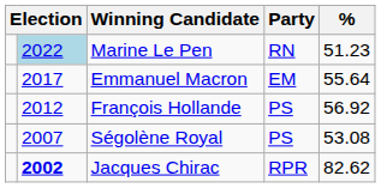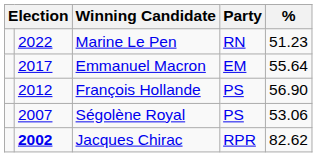 <table class="wikitable">
 <tr>
 <th colspan="2">Election</th>
 <th>Winning Candidate</th>
 <th>Party</th>
 <th>%</th>
 </tr>
 <tr>
 <td style="background-color: "></td>
-<td style="background: lightblue;"><a href='#'>2022</a></td>
+<td><a href='#'>2022</a></td>
 <td><a href='#'>Marine Le Pen</a></td>
 <td><a href='#'>RN</a></td>
 <td>51.23</td>
 </tr>
 <tr>
 <td style="background-color: "></td>
 <td><a href='#'>2017</a></td>
 <td><a href='#'>Emmanuel Macron</a></td>
 <td><a href='#'>EM</a></td>
 <td>55.64</td>
 </tr>
 <tr>
 <td style="background-color: "></td>
 <td><a href='#'>2012</a></td>
 <td><a href='#'>François Hollande</a></td>
 <td><a href='#'>PS</a></td>
-<td>56.92</td>
+<td>56.90</td>
 </tr>
 <tr>
 <td style="background-color: "></td>
 <td><a href='#'>2007</a></td>
 <td><a href='#'>Ségolène Royal</a></td>
 <td><a href='#'>PS</a></td>
-<td>53.08</td>
+<td>53.06</td>
 </tr>
 <tr>
 <td style="background-color: "></td>
 <td><strong><a href='#'>2002</a></strong></td>
 <td><a href='#'>Jacques Chirac</a></td>
 <td><a href='#'>RPR</a></td>
 <td>82.62</td>
 </tr>
 </table>
